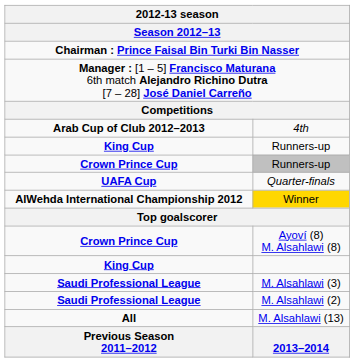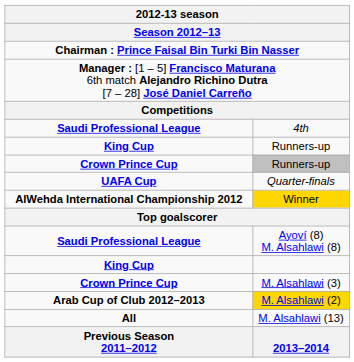 <table width="35%" class="wikitable" style="float:right; font-size:90%; text-align:center;">
 <tr>
 <th colspan=2>2012-13 season</th>
 </tr>
 <tr>
 <th colspan=2><a href='#'>Season 2012–13</a></th>
 </tr>
 <tr>
 <td colspan=2><strong>Chairman :</strong>   <strong><a href='#'>Prince Faisal Bin Turki Bin Nasser</a> </strong></td>
 </tr>
 <tr>
 <td colspan=2><strong>Manager  :</strong> [1 – 5] <strong>    <a href='#'>Francisco Maturana</a></strong> <br>6th match <strong>    Alejandro Richino Dutra </strong><br>[7 – 28] <strong>   <a href='#'>José Daniel Carreño</a> </strong></td>
 </tr>
 <tr>
 <th colspan=2>Competitions</th>
 </tr>
 <tr>
-<td><strong>Arab Cup of Club 2012–2013</strong></td>
+<td><strong><a href='#'>Saudi Professional League</a></strong></td>
 <td><em>4th</em></td>
 </tr>
 <tr>
 <td><strong><a href='#'>King Cup</a></strong></td>
 <td>Runners-up</td>
 </tr>
 <tr>
 <td><strong><a href='#'>Crown Prince Cup</a></strong></td>
 <td bgcolor="silver">Runners-up</td>
 </tr>
 <tr>
 <td><strong><a href='#'>UAFA Cup</a></strong></td>
 <td><em>Quarter-finals</em></td>
 </tr>
 <tr>
 <td><strong>AlWehda International Championship 2012</strong></td>
 <td bgcolor="gold">Winner</td>
 </tr>
 <tr>
 <th colspan=2>Top goalscorer</th>
 </tr>
 <tr>
-<td><strong><a href='#'>Crown Prince Cup</a></strong></td>
+<td><strong><a href='#'>Saudi Professional League</a></strong></td>
 <td><a href='#'>Ayoví</a> (8)<br><a href='#'>M. Alsahlawi</a> (8)</td>
 </tr>
 <tr>
 <td><strong><a href='#'>King Cup</a></strong></td>
 <td></td>
 </tr>
 <tr>
-<td><strong><a href='#'>Saudi Professional League</a></strong></td>
+<td><strong><a href='#'>Crown Prince Cup</a></strong></td>
 <td><a href='#'>M. Alsahlawi</a> (3)</td>
 </tr>
 <tr>
-<td><strong><a href='#'>Saudi Professional League</a></strong></td>
-<td><a href='#'>M. Alsahlawi</a> (2)</td>
+<td><strong>Arab Cup of Club 2012–2013</strong></td>
+<td style="background: gold;"><a href='#'>M. Alsahlawi</a> (2)</td>
 </tr>
 <tr>
 <td><strong>All</strong></td>
 <td><a href='#'>M. Alsahlawi</a> (13)</td>
 </tr>
 <tr>
 <th> Previous Season <br> <a href='#'>2011–2012</a></th>
 <th> <br> <a href='#'>2013–2014</a></th>
 </tr>
 </table>
